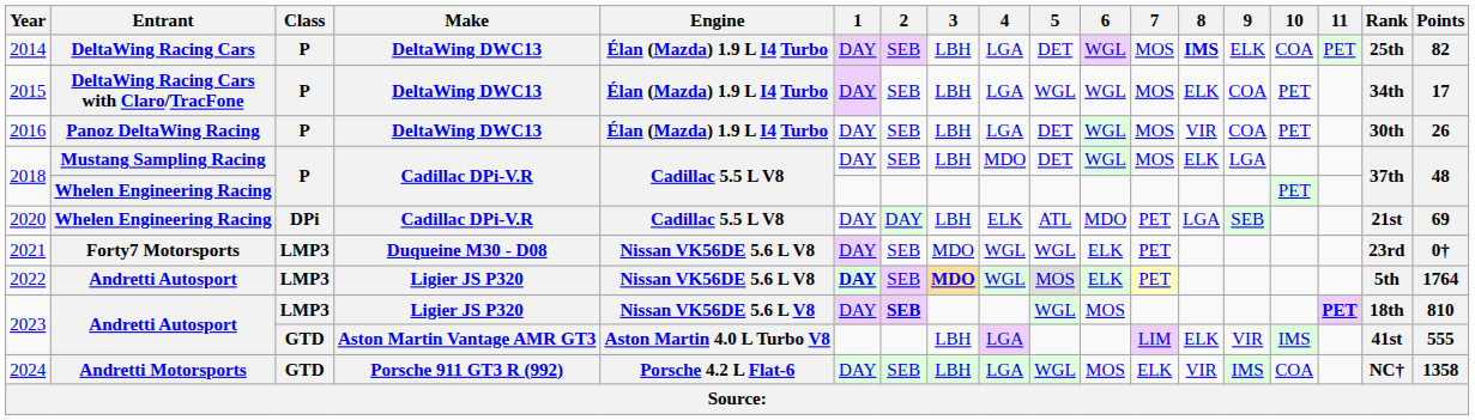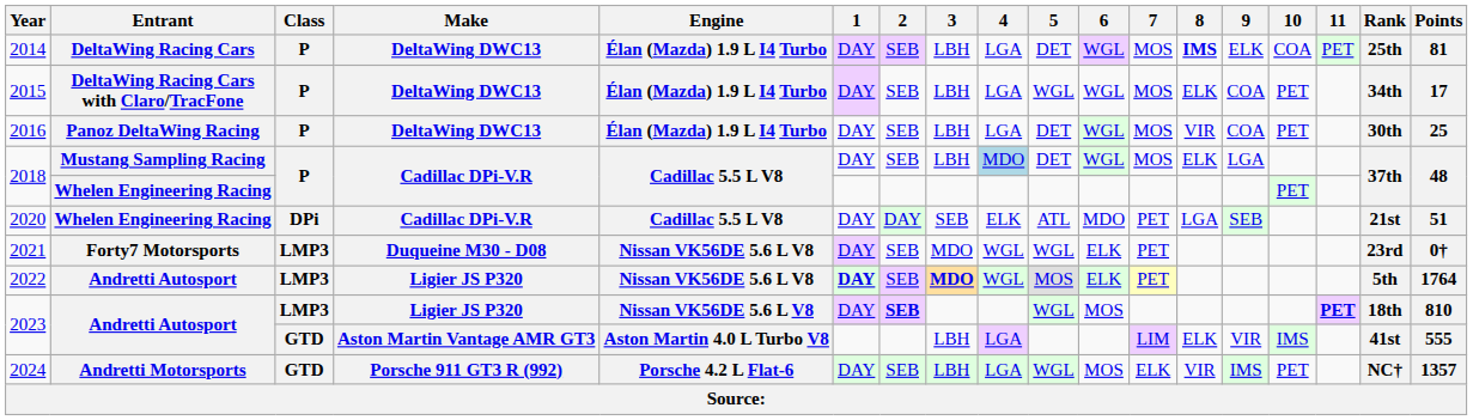 <table class="wikitable" style="text-align:center; font-size:85%;">
 <tr>
 <th>Year</th>
 <th>Entrant</th>
 <th>Class</th>
 <th>Make</th>
 <th>Engine</th>
 <th>1</th>
 <th>2</th>
 <th>3</th>
 <th>4</th>
 <th>5</th>
 <th>6</th>
 <th>7</th>
 <th>8</th>
 <th>9</th>
 <th>10</th>
 <th>11</th>
 <th>Rank</th>
 <th>Points</th>
 </tr>
 <tr>
 <td><a href='#'>2014</a></td>
 <th nowrap><a href='#'>DeltaWing Racing Cars</a></th>
 <th>P</th>
 <th nowrap><a href='#'>DeltaWing DWC13</a></th>
 <th nowrap><a href='#'>Élan</a> (<a href='#'>Mazda</a>) 1.9 L <a href='#'>I4</a> <a href='#'>Turbo</a></th>
 <td style="background:#EFCFFF;"><a href='#'>DAY</a><br></td>
 <td style="background:#EFCFFF;"><a href='#'>SEB</a><br></td>
 <td><a href='#'>LBH</a></td>
 <td><a href='#'>LGA</a></td>
 <td><a href='#'>DET</a></td>
 <td style="background:#EFCFFF;"><a href='#'>WGL</a><br></td>
 <td><a href='#'>MOS</a></td>
 <td><strong><a href='#'>IMS</a></strong></td>
 <td><a href='#'>ELK</a></td>
 <td><a href='#'>COA</a></td>
 <td style="background:#DFFFDF;"><a href='#'>PET</a><br></td>
 <th>25th</th>
-<th>82</th>
+<th>81</th>
 </tr>
 <tr>
 <td><a href='#'>2015</a></td>
 <th nowrap><a href='#'>DeltaWing Racing Cars</a><br>with <a href='#'>Claro</a>/<a href='#'>TracFone</a></th>
 <th>P</th>
 <th nowrap><a href='#'>DeltaWing DWC13</a></th>
 <th nowrap><a href='#'>Élan</a> (<a href='#'>Mazda</a>) 1.9 L <a href='#'>I4</a> <a href='#'>Turbo</a></th>
 <td style="background:#EFCFFF;"><a href='#'>DAY</a><br></td>
 <td><a href='#'>SEB</a></td>
 <td><a href='#'>LBH</a></td>
 <td><a href='#'>LGA</a></td>
 <td><a href='#'>WGL</a></td>
 <td><a href='#'>WGL</a></td>
 <td><a href='#'>MOS</a></td>
 <td><a href='#'>ELK</a></td>
 <td><a href='#'>COA</a></td>
 <td><a href='#'>PET</a></td>
 <td></td>
 <th>34th</th>
 <th>17</th>
 </tr>
 <tr>
 <td><a href='#'>2016</a></td>
 <th nowrap><a href='#'>Panoz DeltaWing Racing</a></th>
 <th>P</th>
 <th nowrap><a href='#'>DeltaWing DWC13</a></th>
 <th nowrap><a href='#'>Élan</a> (<a href='#'>Mazda</a>) 1.9 L <a href='#'>I4</a> <a href='#'>Turbo</a></th>
 <td><a href='#'>DAY</a></td>
 <td><a href='#'>SEB</a></td>
 <td><a href='#'>LBH</a></td>
 <td><a href='#'>LGA</a></td>
 <td><a href='#'>DET</a></td>
 <td style="background:#DFFFDF;"><a href='#'>WGL</a><br></td>
 <td><a href='#'>MOS</a></td>
 <td><a href='#'>VIR</a></td>
 <td><a href='#'>COA</a></td>
 <td><a href='#'>PET</a></td>
 <td></td>
 <th>30th</th>
-<th>26</th>
+<th>25</th>
 </tr>
 <tr>
 <td rowspan=2><a href='#'>2018</a></td>
 <th nowrap><a href='#'>Mustang Sampling Racing</a></th>
 <th rowspan=2>P</th>
 <th rowspan=2 nowrap><a href='#'>Cadillac DPi-V.R</a></th>
 <th rowspan=2 nowrap><a href='#'>Cadillac</a> 5.5 L V8</th>
 <td><a href='#'>DAY</a></td>
 <td><a href='#'>SEB</a></td>
 <td><a href='#'>LBH</a></td>
-<td><a href='#'>MDO</a></td>
+<td style="background: lightblue;"><a href='#'>MDO</a></td>
 <td><a href='#'>DET</a></td>
 <td style="background:#DFFFDF;"><a href='#'>WGL</a><br></td>
 <td><a href='#'>MOS</a></td>
 <td><a href='#'>ELK</a></td>
 <td><a href='#'>LGA</a></td>
 <td></td>
 <td></td>
 <th rowspan=2>37th</th>
 <th rowspan=2>48</th>
 </tr>
 <tr>
 <th nowrap><a href='#'>Whelen Engineering Racing</a></th>
 <td></td>
 <td></td>
 <td></td>
 <td></td>
 <td></td>
 <td></td>
 <td></td>
 <td></td>
 <td></td>
 <td style="background:#DFFFDF;"><a href='#'>PET</a><br></td>
 <td></td>
 </tr>
 <tr>
 <td><a href='#'>2020</a></td>
 <th nowrap><a href='#'>Whelen Engineering Racing</a></th>
 <th>DPi</th>
 <th nowrap><a href='#'>Cadillac DPi-V.R</a></th>
 <th nowrap><a href='#'>Cadillac</a> 5.5 L V8</th>
 <td><a href='#'>DAY</a></td>
 <td style="background:#DFFFDF;"><a href='#'>DAY</a><br></td>
-<td><a href='#'>LBH</a></td>
+<td><a href='#'>SEB</a></td>
 <td><a href='#'>ELK</a></td>
 <td><a href='#'>ATL</a></td>
 <td><a href='#'>MDO</a></td>
 <td><a href='#'>PET</a></td>
 <td><a href='#'>LGA</a></td>
 <td style="background:#DFFFDF;"><a href='#'>SEB</a><br></td>
 <td></td>
 <td></td>
 <th>21st</th>
-<th>69</th>
+<th>51</th>
 </tr>
 <tr>
 <td><a href='#'>2021</a></td>
 <th nowrap>Forty7 Motorsports</th>
 <th>LMP3</th>
 <th nowrap><a href='#'>Duqueine M30 - D08</a></th>
 <th nowrap><a href='#'>Nissan VK56DE</a> 5.6 L V8</th>
 <td style="background:#EFCFFF;"><a href='#'>DAY</a><br></td>
 <td><a href='#'>SEB</a></td>
 <td><a href='#'>MDO</a></td>
 <td><a href='#'>WGL</a></td>
 <td><a href='#'>WGL</a></td>
 <td><a href='#'>ELK</a></td>
 <td><a href='#'>PET</a></td>
 <td></td>
 <td></td>
 <td></td>
 <td></td>
 <th>23rd</th>
 <th>0†</th>
 </tr>
 <tr>
 <td><a href='#'>2022</a></td>
 <th nowrap><a href='#'>Andretti Autosport</a></th>
 <th>LMP3</th>
 <th nowrap><a href='#'>Ligier JS P320</a></th>
 <th nowrap><a href='#'>Nissan VK56DE</a> 5.6 L V8</th>
 <td style="background:#DFFFDF;"><strong><a href='#'>DAY</a></strong><br></td>
 <td style="background:#EFCFFF;"><a href='#'>SEB</a><br></td>
 <td style="background:#FFDF9F;"><strong><a href='#'>MDO</a></strong><br></td>
 <td style="background:#DFFFDF;"><a href='#'>WGL</a><br></td>
 <td style="background:#DFDFDF;"><a href='#'>MOS</a><br></td>
 <td style="background:#DFFFDF;"><a href='#'>ELK</a><br> </td>
 <td style="background:#FFFFBF;"><a href='#'>PET</a><br> </td>
 <td></td>
 <td></td>
 <td></td>
 <td></td>
 <th>5th</th>
 <th>1764</th>
 </tr>
 <tr>
 <td rowspan=2><a href='#'>2023</a></td>
 <th rowspan=2 nowrap><a href='#'>Andretti Autosport</a></th>
 <th>LMP3</th>
 <th nowrap><a href='#'>Ligier JS P320</a></th>
 <th nowrap><a href='#'>Nissan VK56DE</a> 5.6 L <a href='#'>V8</a></th>
 <td style="background:#EFCFFF;"><a href='#'>DAY</a><br></td>
 <td style="background:#EFCFFF;"><strong><a href='#'>SEB</a></strong><br></td>
 <td></td>
 <td></td>
 <td style="background:#DFFFDF;"><a href='#'>WGL</a><br></td>
 <td><a href='#'>MOS</a></td>
 <td></td>
 <td></td>
 <td></td>
 <td></td>
 <td style="background:#EFCFFF;"><strong><a href='#'>PET</a></strong><br></td>
 <th>18th</th>
 <th>810</th>
 </tr>
 <tr>
 <th>GTD</th>
 <th nowrap><a href='#'>Aston Martin Vantage AMR GT3</a></th>
 <th nowrap><a href='#'>Aston Martin</a> 4.0 L Turbo <a href='#'>V8</a></th>
 <td></td>
 <td></td>
 <td><a href='#'>LBH</a></td>
 <td style="background:#EFCFFF;"><a href='#'>LGA</a><br></td>
 <td></td>
 <td></td>
 <td style="background:#EFCFFF;"><a href='#'>LIM</a><br></td>
 <td><a href='#'>ELK</a></td>
 <td><a href='#'>VIR</a></td>
 <td style="background:#DFFFDF;"><a href='#'>IMS</a><br></td>
 <td></td>
 <th>41st</th>
 <th>555</th>
 </tr>
 <tr>
 <td><a href='#'>2024</a></td>
 <th nowrap><a href='#'>Andretti Motorsports</a></th>
 <th>GTD</th>
 <th nowrap><a href='#'>Porsche 911 GT3 R (992)</a></th>
 <th nowrap><a href='#'>Porsche</a> 4.2 L <a href='#'>Flat-6</a></th>
 <td style="background:#DFFFDF;"><a href='#'>DAY</a><br></td>
 <td style="background:#DFFFDF;"><a href='#'>SEB</a><br></td>
 <td style="background:#DFFFDF;"><a href='#'>LBH</a><br></td>
 <td style="background:#DFFFDF;"><a href='#'>LGA</a><br></td>
 <td style="background:#DFFFDF;"><a href='#'>WGL</a><br></td>
 <td><a href='#'>MOS</a></td>
 <td><a href='#'>ELK</a></td>
 <td><a href='#'>VIR</a></td>
 <td style="background:#DFFFDF;"><a href='#'>IMS</a><br></td>
-<td><a href='#'>COA</a></td>
+<td><a href='#'>PET</a></td>
 <td></td>
 <th>NC†</th>
-<th>1358</th>
+<th>1357</th>
 </tr>
 <tr>
 <th colspan="18">Source:</th>
 </tr>
 </table>
